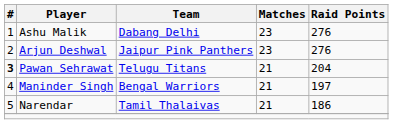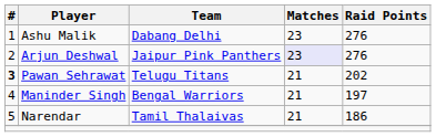 <table class="wikitable" style="text- align: center;">
 <tr>
 <th>#</th>
 <th>Player</th>
 <th>Team</th>
 <th>Matches</th>
 <th>Raid Points</th>
 </tr>
 <tr>
 <td>1</td>
 <td style="text-align left"> Ashu Malik</td>
 <td><a href='#'>Dabang Delhi</a></td>
 <td>23</td>
 <td>276</td>
 </tr>
 <tr>
 <td>2</td>
 <td style="text-align left"> <a href='#'>Arjun Deshwal</a></td>
 <td><a href='#'>Jaipur Pink Panthers</a></td>
-<td>23</td>
+<td style="background: lavender;">23</td>
 <td>276</td>
 </tr>
 <tr>
 <td><strong>3</strong></td>
 <td style="text-align left"> <a href='#'>Pawan Sehrawat</a></td>
 <td><a href='#'>Telugu Titans</a></td>
 <td>21</td>
-<td>204</td>
+<td>202</td>
 </tr>
 <tr>
 <td>4</td>
 <td style="text-align left"> <a href='#'>Maninder Singh</a></td>
 <td><a href='#'>Bengal Warriors</a></td>
 <td>21</td>
 <td>197</td>
 </tr>
 <tr>
 <td>5</td>
 <td style="text-align left"> Narendar</td>
 <td><a href='#'>Tamil Thalaivas</a></td>
 <td>21</td>
 <td>186</td>
 </tr>
 <tr>
 </tr>
 <tr class=sortbottom>
 <td colspan=5></td>
 </tr>
 </table>
